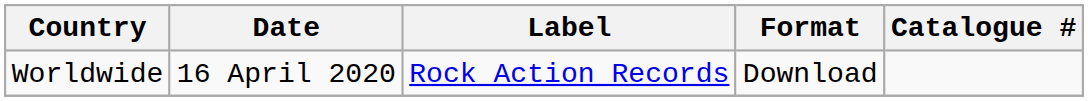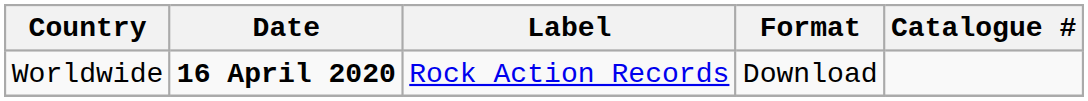 <table class="wikitable">
 <tr>
 <th>Country</th>
 <th>Date</th>
 <th>Label</th>
 <th>Format</th>
 <th>Catalogue #</th>
 </tr>
 <tr>
 <td>Worldwide</td>
-<td>16 April 2020</td>
+<td><strong>16 April 2020</strong></td>
 <td><a href='#'>Rock Action Records</a></td>
 <td>Download</td>
 <td></td>
 </tr>
 <tr>
 </tr>
 </table>
